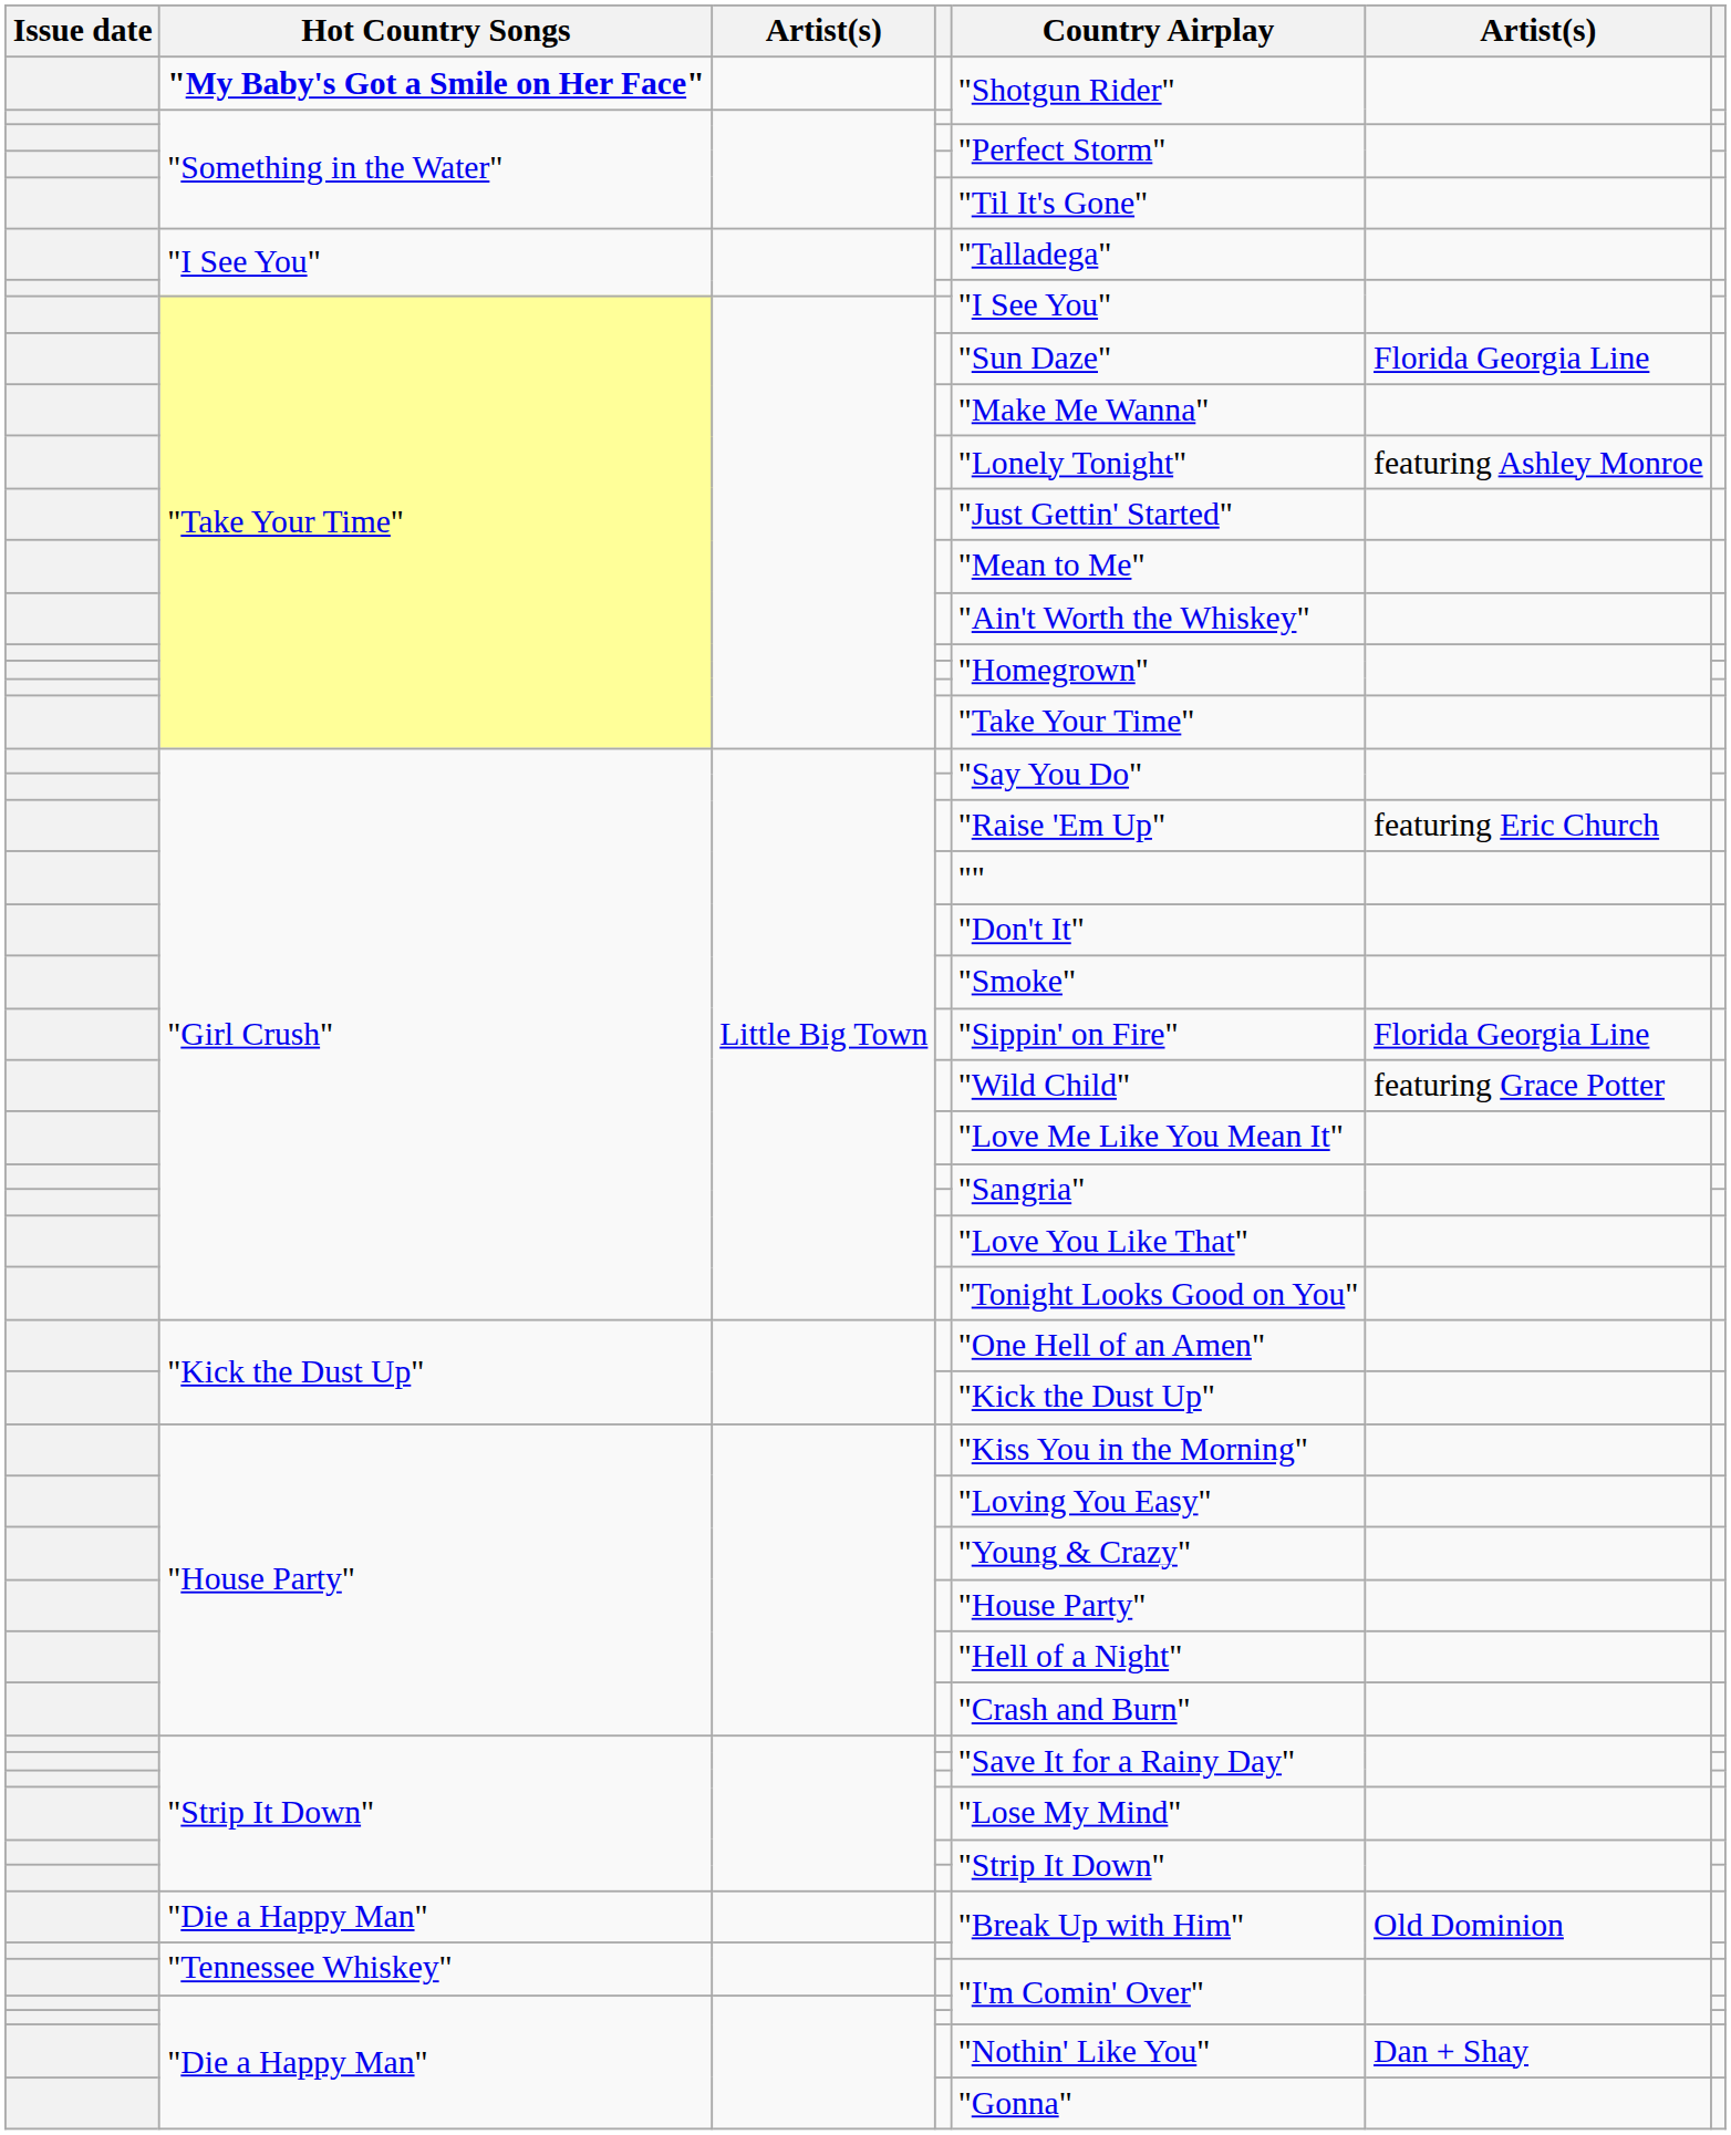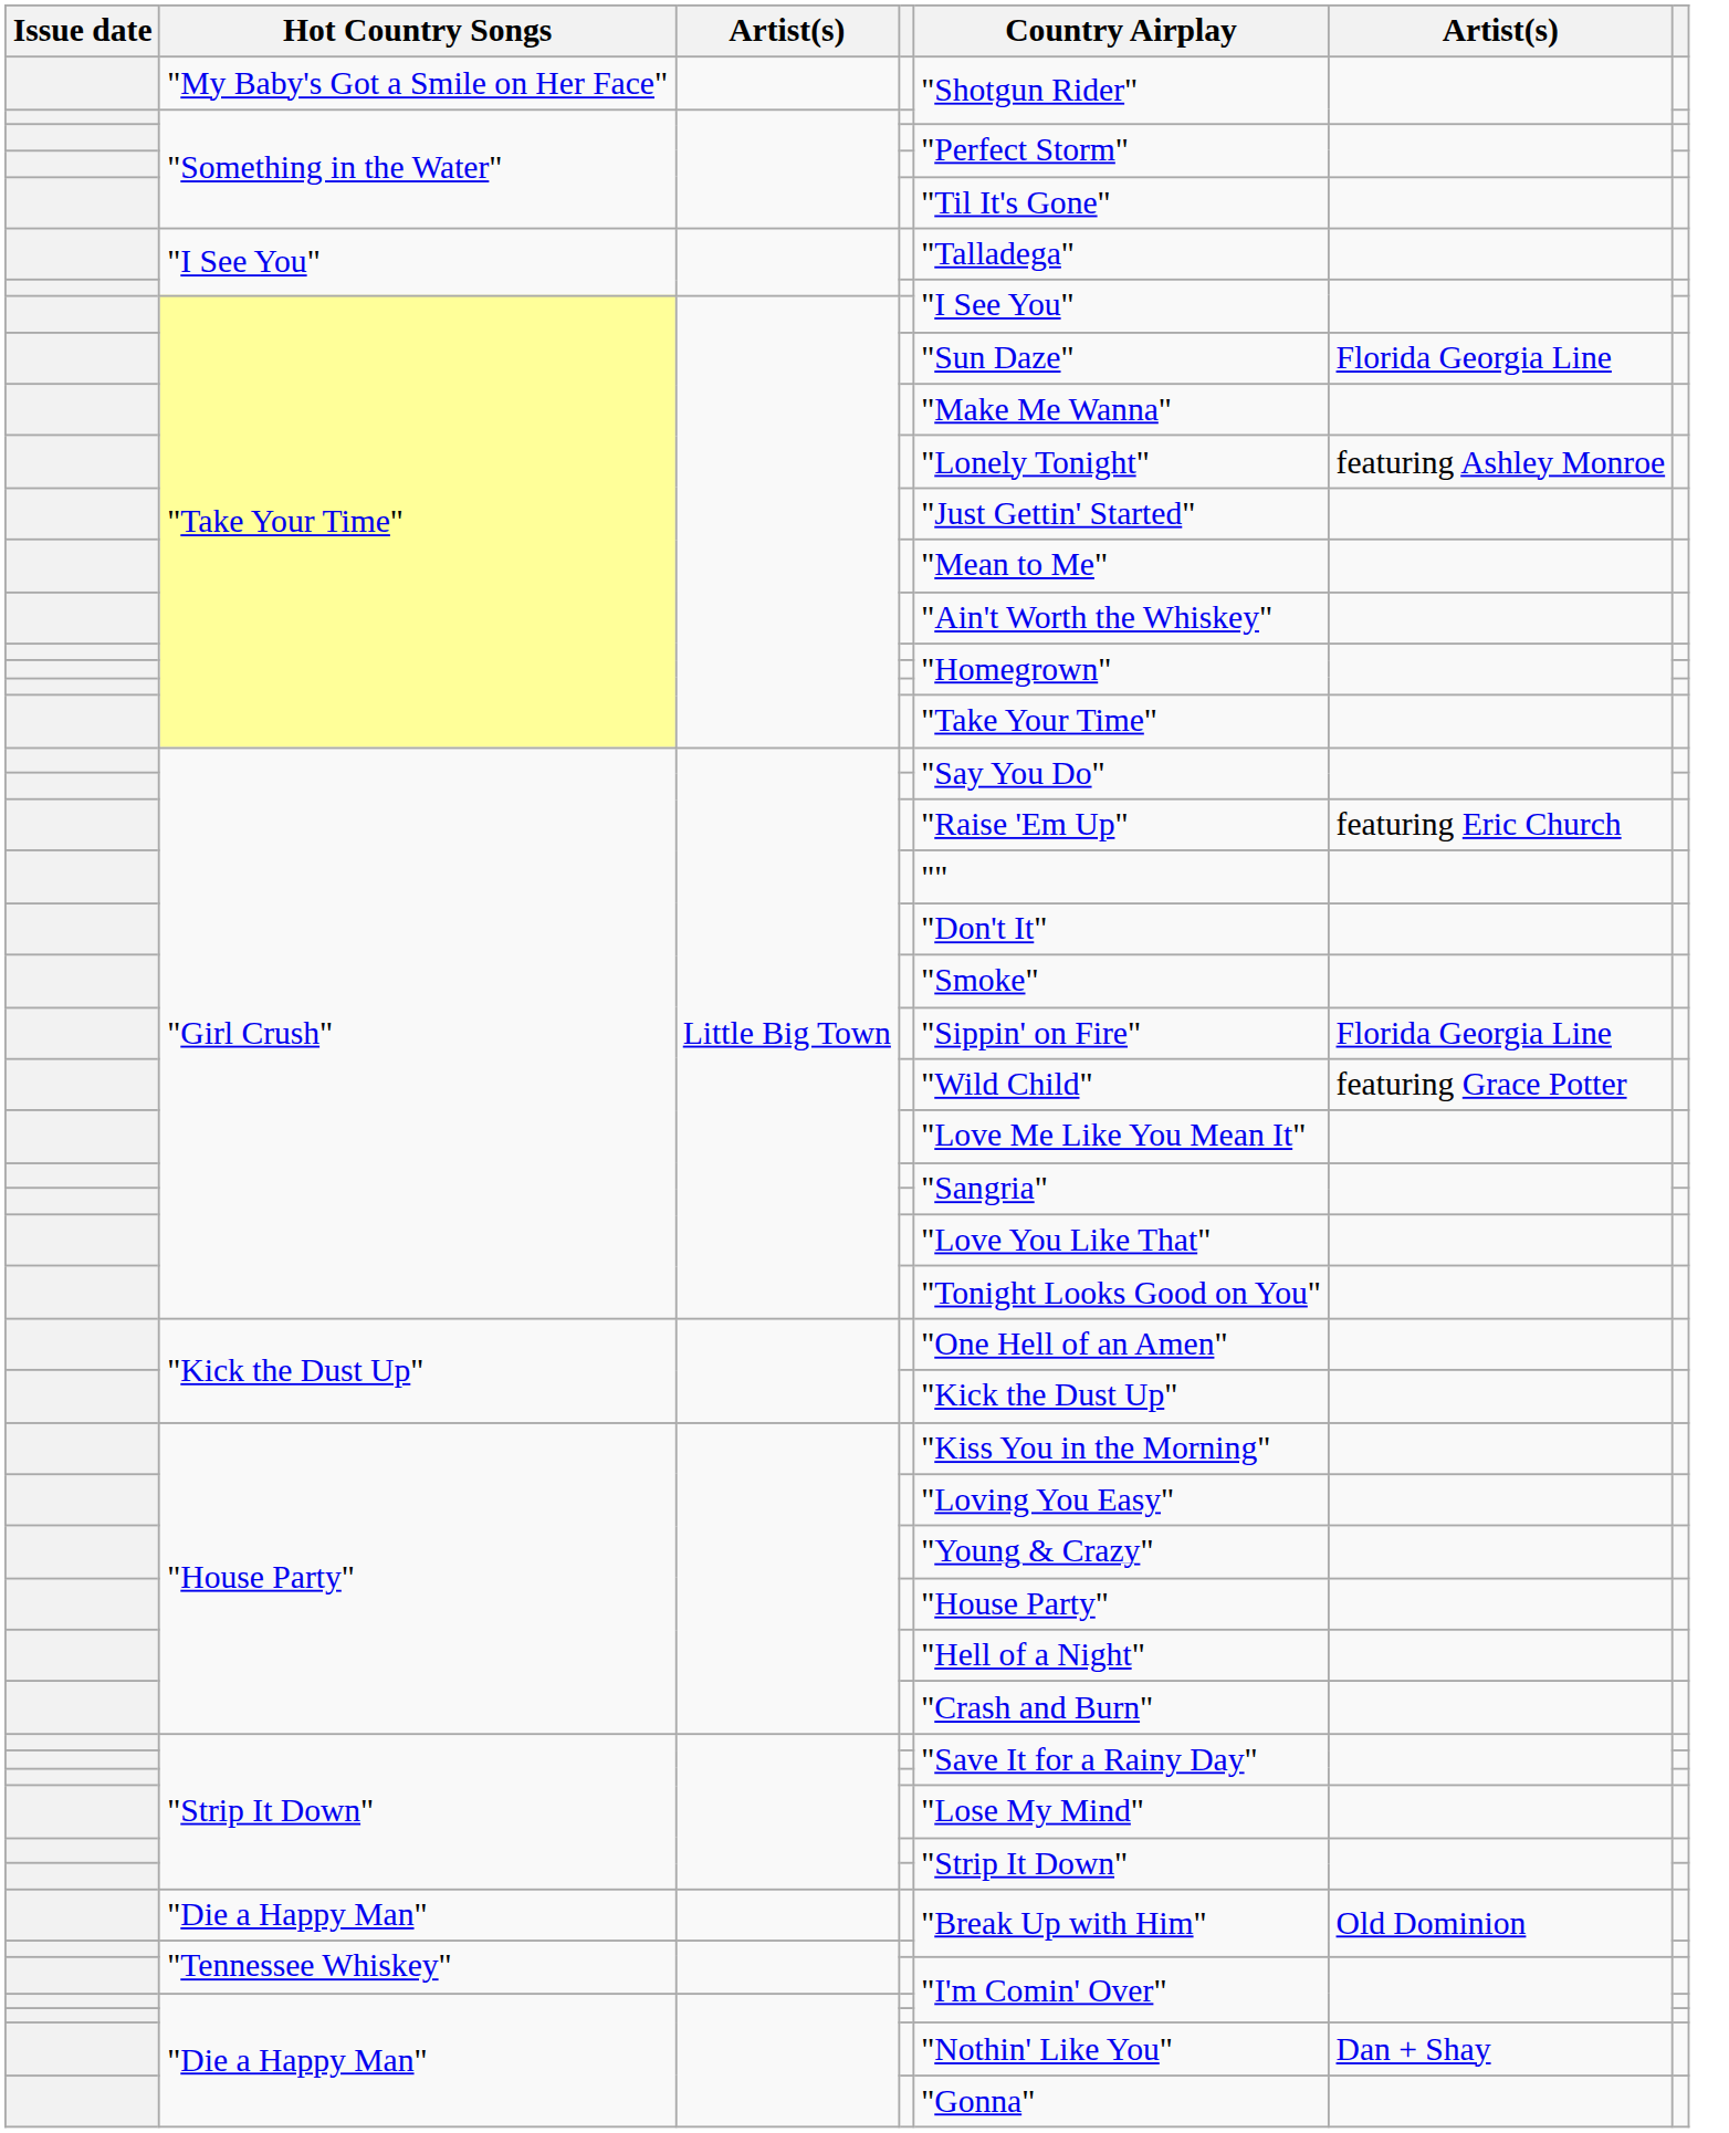 <table class="wikitable sortable plainrowheaders">
 <tr>
 <th scope=col>Issue date</th>
 <th scope=col>Hot Country Songs</th>
 <th scope=col>Artist(s)</th>
 <th scope=col class=unsortable></th>
 <th scope=col>Country Airplay</th>
 <th scope=col>Artist(s)</th>
 <th scope=col class=unsortable></th>
 </tr>
 <tr>
 <th scope=row></th>
-<td><strong>"<a href='#'>My Baby's Got a Smile on Her Face</a>"</strong></td>
+<td>"<a href='#'>My Baby's Got a Smile on Her Face</a>"</td>
 <td></td>
 <td align="center"></td>
 <td rowspan="2">"<a href='#'>Shotgun Rider</a>"</td>
 <td rowspan="2"></td>
 <td align="center"></td>
 </tr>
 <tr>
 <th scope=row></th>
 <td rowspan="4">"<a href='#'>Something in the Water</a>"</td>
 <td rowspan="4"></td>
 <td align="center"></td>
 <td align="center"></td>
 </tr>
 <tr>
 <th scope=row></th>
 <td align="center"></td>
 <td rowspan="2">"<a href='#'>Perfect Storm</a>"</td>
 <td rowspan="2"></td>
 <td align="center"></td>
 </tr>
 <tr>
 <th scope=row></th>
 <td align="center"></td>
 <td align="center"></td>
 </tr>
 <tr>
 <th scope=row></th>
 <td align="center"></td>
 <td>"<a href='#'>Til It's Gone</a>"</td>
 <td></td>
 <td align="center"></td>
 </tr>
 <tr>
 <th scope=row></th>
 <td rowspan="2">"<a href='#'>I See You</a>"</td>
 <td rowspan="2"></td>
 <td align="center"></td>
 <td>"<a href='#'>Talladega</a>"</td>
 <td></td>
 <td align="center"></td>
 </tr>
 <tr>
 <th scope=row></th>
 <td align="center"></td>
 <td rowspan="2">"<a href='#'>I See You</a>"</td>
 <td rowspan="2"></td>
 <td align="center"></td>
 </tr>
 <tr>
 <th scope=row></th>
 <td rowspan="11" style="background-color:#FFFF99">"<a href='#'>Take Your Time</a>" </td>
 <td rowspan="11"></td>
 <td align="center"></td>
 <td align="center"></td>
 </tr>
 <tr>
 <th scope=row></th>
 <td align="center"></td>
 <td>"<a href='#'>Sun Daze</a>"</td>
 <td><a href='#'>Florida Georgia Line</a></td>
 <td align="center"></td>
 </tr>
 <tr>
 <th scope=row></th>
 <td align="center"></td>
 <td>"<a href='#'>Make Me Wanna</a>"</td>
 <td></td>
 <td align="center"></td>
 </tr>
 <tr>
 <th scope=row></th>
 <td align="center"></td>
 <td>"<a href='#'>Lonely Tonight</a>"</td>
 <td> featuring <a href='#'>Ashley Monroe</a></td>
 <td align="center"></td>
 </tr>
 <tr>
 <th scope=row></th>
 <td align="center"></td>
 <td>"<a href='#'>Just Gettin' Started</a>"</td>
 <td></td>
 <td align="center"></td>
 </tr>
 <tr>
 <th scope=row></th>
 <td align="center"></td>
 <td>"<a href='#'>Mean to Me</a>"</td>
 <td></td>
 <td align="center"></td>
 </tr>
 <tr>
 <th scope=row></th>
 <td align="center"></td>
 <td>"<a href='#'>Ain't Worth the Whiskey</a>"</td>
 <td></td>
 <td align="center"></td>
 </tr>
 <tr>
 <th scope=row></th>
 <td align="center"></td>
 <td rowspan="3">"<a href='#'>Homegrown</a>"</td>
 <td rowspan="3"></td>
 <td align="center"></td>
 </tr>
 <tr>
 <th scope=row></th>
 <td align="center"></td>
 <td align="center"></td>
 </tr>
 <tr>
 <th scope=row></th>
 <td align="center"></td>
 <td align="center"></td>
 </tr>
 <tr>
 <th scope=row></th>
 <td align="center"></td>
 <td>"<a href='#'>Take Your Time</a>"</td>
 <td></td>
 <td align="center"></td>
 </tr>
 <tr>
 <th scope=row></th>
 <td rowspan="13">"<a href='#'>Girl Crush</a>"</td>
 <td rowspan="13"><a href='#'>Little Big Town</a></td>
 <td align="center"></td>
 <td rowspan="2">"<a href='#'>Say You Do</a>"</td>
 <td rowspan="2"></td>
 <td align="center"></td>
 </tr>
 <tr>
 <th scope=row></th>
 <td align="center"></td>
 <td align="center"></td>
 </tr>
 <tr>
 <th scope=row></th>
 <td align="center"></td>
 <td>"<a href='#'>Raise 'Em Up</a>"</td>
 <td> featuring <a href='#'>Eric Church</a></td>
 <td align="center"></td>
 </tr>
 <tr>
 <th scope=row></th>
 <td align="center"></td>
 <td>""</td>
 <td></td>
 <td align="center"></td>
 </tr>
 <tr>
 <th scope=row></th>
 <td align="center"></td>
 <td>"<a href='#'>Don't It</a>"</td>
 <td></td>
 <td align="center"></td>
 </tr>
 <tr>
 <th scope=row></th>
 <td align="center"></td>
 <td>"<a href='#'>Smoke</a>"</td>
 <td></td>
 <td align="center"></td>
 </tr>
 <tr>
 <th scope=row></th>
 <td align="center"></td>
 <td>"<a href='#'>Sippin' on Fire</a>"</td>
 <td><a href='#'>Florida Georgia Line</a></td>
 <td align="center"></td>
 </tr>
 <tr>
 <th scope=row></th>
 <td align="center"></td>
 <td>"<a href='#'>Wild Child</a>"</td>
 <td> featuring <a href='#'>Grace Potter</a></td>
 <td align="center"></td>
 </tr>
 <tr>
 <th scope=row></th>
 <td align="center"></td>
 <td>"<a href='#'>Love Me Like You Mean It</a>"</td>
 <td></td>
 <td align="center"></td>
 </tr>
 <tr>
 <th scope=row></th>
 <td align="center"></td>
 <td rowspan="2">"<a href='#'>Sangria</a>"</td>
 <td rowspan="2"></td>
 <td align="center"></td>
 </tr>
 <tr>
 <th scope=row></th>
 <td align="center"></td>
 <td align="center"></td>
 </tr>
 <tr>
 <th scope=row></th>
 <td align="center"></td>
 <td>"<a href='#'>Love You Like That</a>"</td>
 <td></td>
 <td align="center"></td>
 </tr>
 <tr>
 <th scope=row></th>
 <td align="center"></td>
 <td>"<a href='#'>Tonight Looks Good on You</a>"</td>
 <td></td>
 <td align="center"></td>
 </tr>
 <tr>
 <th scope=row></th>
 <td rowspan="2">"<a href='#'>Kick the Dust Up</a>"</td>
 <td rowspan="2"></td>
 <td align="center"></td>
 <td>"<a href='#'>One Hell of an Amen</a>"</td>
 <td></td>
 <td align="center"></td>
 </tr>
 <tr>
 <th scope=row></th>
 <td align="center"></td>
 <td>"<a href='#'>Kick the Dust Up</a>"</td>
 <td></td>
 <td align="center"></td>
 </tr>
 <tr>
 <th scope=row></th>
 <td rowspan="6">"<a href='#'>House Party</a>"</td>
 <td rowspan="6"></td>
 <td align="center"></td>
 <td>"<a href='#'>Kiss You in the Morning</a>"</td>
 <td></td>
 <td align="center"></td>
 </tr>
 <tr>
 <th scope=row></th>
 <td align="center"></td>
 <td>"<a href='#'>Loving You Easy</a>"</td>
 <td></td>
 <td align="center"></td>
 </tr>
 <tr>
 <th scope=row></th>
 <td align="center"></td>
 <td>"<a href='#'>Young & Crazy</a>"</td>
 <td></td>
 <td align="center"></td>
 </tr>
 <tr>
 <th scope=row></th>
 <td align="center"></td>
 <td>"<a href='#'>House Party</a>"</td>
 <td></td>
 <td align="center"></td>
 </tr>
 <tr>
 <th scope=row></th>
 <td align="center"></td>
 <td>"<a href='#'>Hell of a Night</a>"</td>
 <td></td>
 <td align="center"></td>
 </tr>
 <tr>
 <th scope=row></th>
 <td align="center"></td>
 <td>"<a href='#'>Crash and Burn</a>"</td>
 <td></td>
 <td align="center"></td>
 </tr>
 <tr>
 <th scope=row></th>
 <td rowspan="6">"<a href='#'>Strip It Down</a>"</td>
 <td rowspan="6"></td>
 <td align="center"></td>
 <td rowspan="3">"<a href='#'>Save It for a Rainy Day</a>"</td>
 <td rowspan="3"></td>
 <td align="center"></td>
 </tr>
 <tr>
 <th scope=row></th>
 <td align="center"></td>
 <td align="center"></td>
 </tr>
 <tr>
 <th scope=row></th>
 <td align="center"></td>
 <td align="center"></td>
 </tr>
 <tr>
 <th scope=row></th>
 <td align="center"></td>
 <td>"<a href='#'>Lose My Mind</a>"</td>
 <td></td>
 <td align="center"></td>
 </tr>
 <tr>
 <th scope=row></th>
 <td align="center"></td>
 <td rowspan="2">"<a href='#'>Strip It Down</a>"</td>
 <td rowspan="2"></td>
 <td align="center"></td>
 </tr>
 <tr>
 <th scope=row></th>
 <td align="center"></td>
 <td align="center"></td>
 </tr>
 <tr>
 <th scope=row></th>
 <td>"<a href='#'>Die a Happy Man</a>"</td>
 <td></td>
 <td align="center"></td>
 <td rowspan="2">"<a href='#'>Break Up with Him</a>"</td>
 <td rowspan="2"><a href='#'>Old Dominion</a></td>
 <td align="center"></td>
 </tr>
 <tr>
 <th scope=row></th>
 <td rowspan="2">"<a href='#'>Tennessee Whiskey</a>"</td>
 <td rowspan="2"></td>
 <td align="center"></td>
 <td align="center"></td>
 </tr>
 <tr>
 <th scope=row></th>
 <td align="center"></td>
 <td rowspan="3">"<a href='#'>I'm Comin' Over</a>"</td>
 <td rowspan="3"></td>
 <td align="center"></td>
 </tr>
 <tr>
 <th scope=row></th>
 <td rowspan="4">"<a href='#'>Die a Happy Man</a>"</td>
 <td rowspan="4"></td>
 <td align="center"></td>
 <td align="center"></td>
 </tr>
 <tr>
 <th scope=row></th>
 <td align="center"></td>
 <td align="center"></td>
 </tr>
 <tr>
 <th scope=row></th>
 <td align="center"></td>
 <td>"<a href='#'>Nothin' Like You</a>"</td>
 <td><a href='#'>Dan + Shay</a></td>
 <td align="center"></td>
 </tr>
 <tr>
 <th scope=row></th>
 <td align="center"></td>
 <td>"<a href='#'>Gonna</a>"</td>
 <td></td>
 <td align="center"></td>
 </tr>
 </table>
